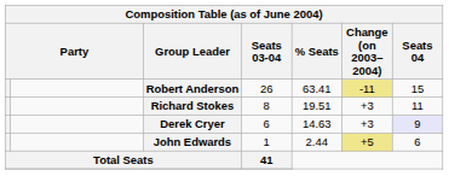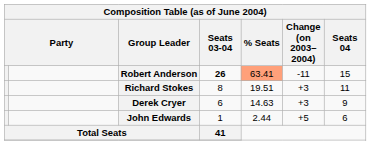 <table class="wikitable" style="font-size: 95%;">
 <tr style="background-color:#E9E9E9">
 <th colspan="7">Composition Table (as of June 2004)</th>
 </tr>
 <tr style="background-color:#E9E9E9">
 <th colspan="2">Party</th>
 <th align="center">Group Leader</th>
 <th style="width: 60px">Seats 03-04</th>
 <th style="width: 60px">% Seats</th>
 <th style="width: 60px">Change (on 2003–2004)</th>
 <th style="width: 60px">Seats 04</th>
 </tr>
 <tr>
 <th style="background-color: "></th>
 <td style="width: 170px"><a href='#'></a></td>
 <th align="center">Robert Anderson</th>
-<td align="center">26</td>
-<td align="center">63.41</td>
-<td align="center" style="background: khaki;">-11</td>
+<td align="center"><strong>26</strong></td>
+<td align="center" style="background: lightsalmon;">63.41</td>
+<td align="center">-11</td>
 <td align="center">15</td>
 </tr>
 <tr>
 <th style="background-color: "></th>
 <td style="width: 170px"></td>
 <th align="center">Richard Stokes</th>
 <td align="center">8</td>
 <td align="center">19.51</td>
 <td align="center">+3</td>
 <td align="center">11</td>
 </tr>
 <tr>
 <th style="background-color: "></th>
 <td style="width: 170px"><a href='#'></a></td>
 <th align="center">Derek Cryer</th>
 <td align="center">6</td>
 <td align="center">14.63</td>
 <td align="center">+3</td>
-<td align="center" style="background: lavender;">9</td>
+<td align="center">9</td>
 </tr>
 <tr>
 <th style="background-color: "></th>
 <td style="width: 170px"><a href='#'></a></td>
 <th align="center">John Edwards</th>
 <td align="center">1</td>
 <td align="center">2.44</td>
-<td align="center" style="background: khaki;">+5</td>
+<td align="center">+5</td>
 <td align="center">6</td>
 </tr>
 <tr>
 <th colspan="3">Total Seats</th>
 <th style="width: 60px">41</th>
 </tr>
 <tr>
 </tr>
 </table>
